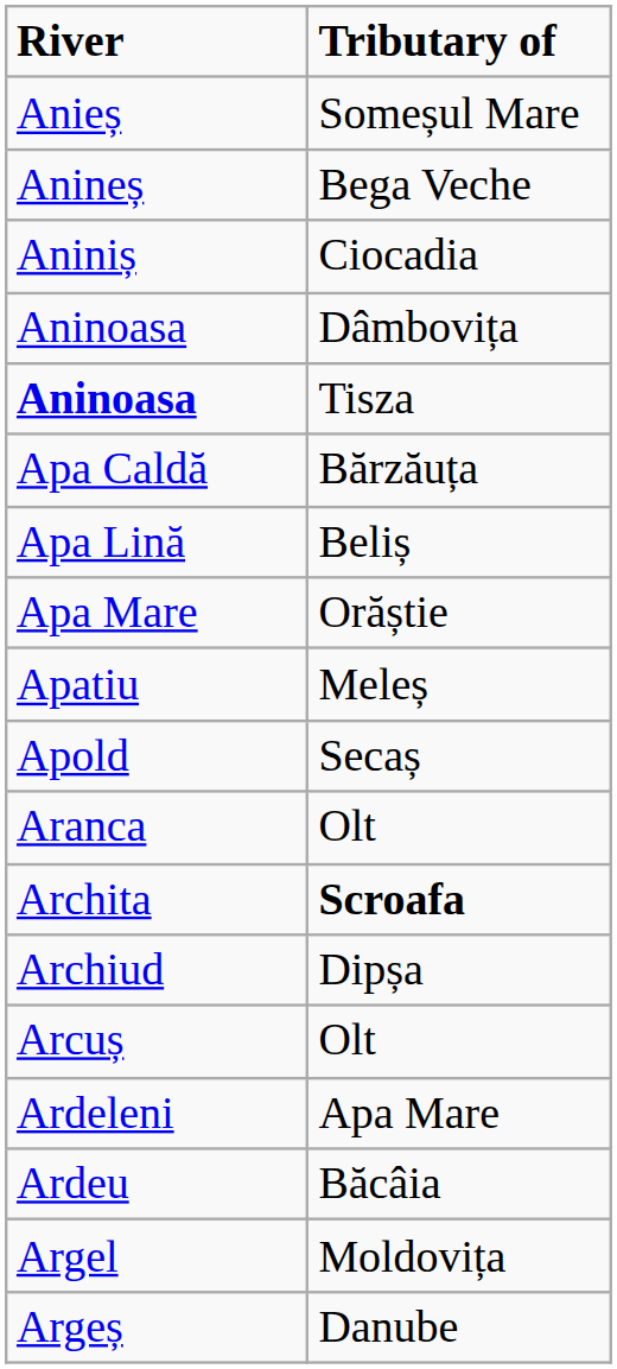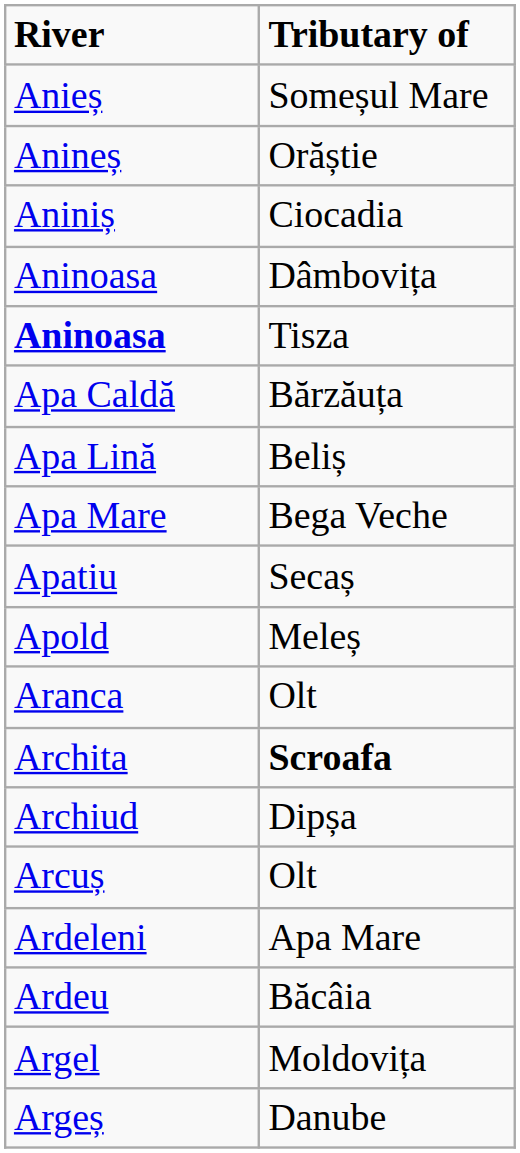 <table class="wikitable">
 <tr>
 <td width="100pt"><strong>River</strong></td>
 <td width="100pt"><strong>Tributary of</strong></td>
 </tr>
 <tr>
 <td><a href='#'>Anieș</a></td>
 <td>Someșul Mare</td>
 </tr>
 <tr>
 <td><a href='#'>Anineș</a></td>
-<td>Bega Veche</td>
+<td>Orăștie</td>
 </tr>
 <tr>
 <td><a href='#'>Aniniș</a></td>
 <td>Ciocadia</td>
 </tr>
 <tr>
 <td><a href='#'>Aninoasa</a></td>
 <td>Dâmbovița</td>
 </tr>
 <tr>
 <td><strong><a href='#'>Aninoasa</a></strong></td>
 <td>Tisza</td>
 </tr>
 <tr>
 <td><a href='#'>Apa Caldă</a></td>
 <td>Bărzăuța</td>
 </tr>
 <tr>
 <td><a href='#'>Apa Lină</a></td>
 <td>Beliș</td>
 </tr>
 <tr>
 <td><a href='#'>Apa Mare</a></td>
-<td>Orăștie</td>
+<td>Bega Veche</td>
 </tr>
 <tr>
 <td><a href='#'>Apatiu</a></td>
-<td>Meleș</td>
+<td>Secaș</td>
 </tr>
 <tr>
 <td><a href='#'>Apold</a></td>
-<td>Secaș</td>
+<td>Meleș</td>
 </tr>
 <tr>
 <td><a href='#'>Aranca</a></td>
 <td>Olt</td>
 </tr>
 <tr>
 <td><a href='#'>Archita</a></td>
 <td><strong>Scroafa</strong></td>
 </tr>
 <tr>
 <td><a href='#'>Archiud</a></td>
 <td>Dipșa</td>
 </tr>
 <tr>
 <td><a href='#'>Arcuș</a></td>
 <td>Olt</td>
 </tr>
 <tr>
 <td><a href='#'>Ardeleni</a></td>
 <td>Apa Mare</td>
 </tr>
 <tr>
 <td><a href='#'>Ardeu</a></td>
 <td>Băcâia</td>
 </tr>
 <tr>
 <td><a href='#'>Argel</a></td>
 <td>Moldovița</td>
 </tr>
 <tr>
 <td><a href='#'>Argeș</a></td>
 <td>Danube</td>
 </tr>
 </table>
